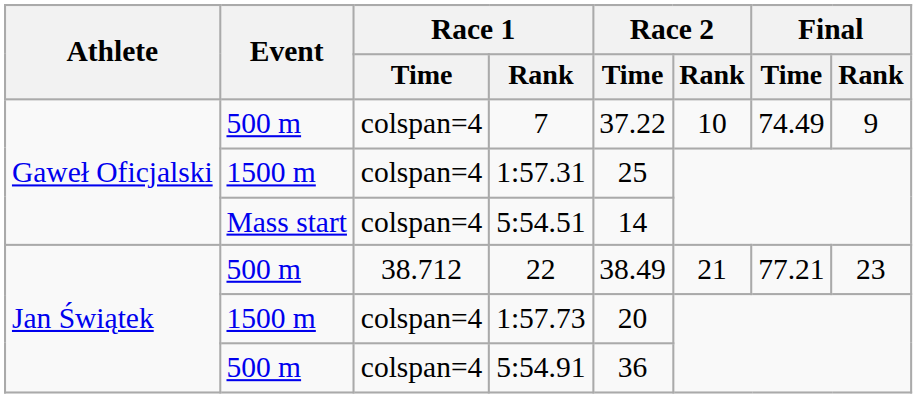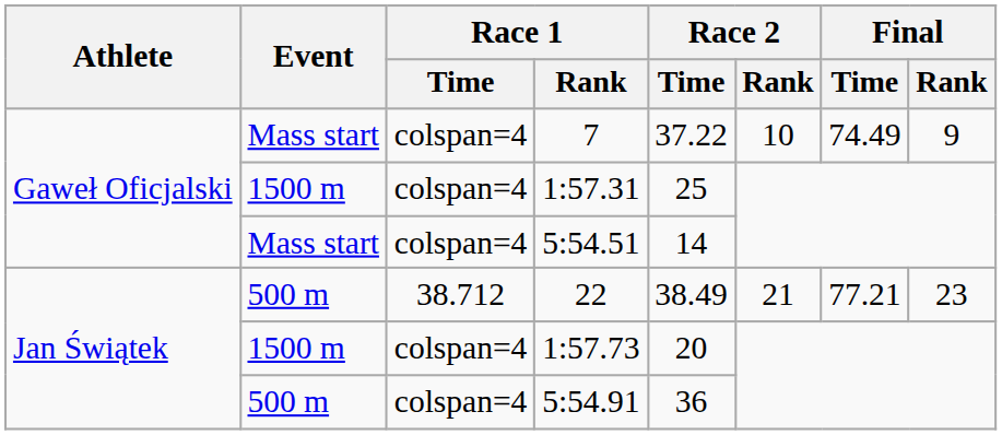 <table class="wikitable" style="font-size:90%">
 <tr>
 <th rowspan=2>Athlete</th>
 <th rowspan=2>Event</th>
 <th colspan=2>Race 1</th>
 <th colspan=2>Race 2</th>
 <th colspan=2>Final</th>
 </tr>
 <tr style="font-size:95%">
 <th>Time</th>
 <th>Rank</th>
 <th>Time</th>
 <th>Rank</th>
 <th>Time</th>
 <th>Rank</th>
 </tr>
 <tr align=center>
 <td align=left rowspan=3><a href='#'>Gaweł Oficjalski</a></td>
-<td align=left><a href='#'>500 m</a></td>
+<td align=left><a href='#'>Mass start</a></td>
 <td>colspan=4 </td>
 <td>7</td>
 <td>37.22</td>
 <td>10</td>
 <td>74.49</td>
 <td>9</td>
 </tr>
 <tr align=center>
 <td align=left><a href='#'>1500 m</a></td>
 <td>colspan=4 </td>
 <td>1:57.31</td>
 <td>25</td>
 </tr>
 <tr align=center>
 <td align=left><a href='#'>Mass start</a></td>
 <td>colspan=4 </td>
 <td>5:54.51</td>
 <td>14</td>
 </tr>
 <tr align=center>
 <td align=left rowspan=3><a href='#'>Jan Świątek</a></td>
 <td align=left><a href='#'>500 m</a></td>
 <td>38.712</td>
 <td>22</td>
 <td>38.49</td>
 <td>21</td>
 <td>77.21</td>
 <td>23</td>
 </tr>
 <tr align=center>
 <td align=left><a href='#'>1500 m</a></td>
 <td>colspan=4 </td>
 <td>1:57.73</td>
 <td>20</td>
 </tr>
 <tr align=center>
 <td align=left><a href='#'>500 m</a></td>
 <td>colspan=4 </td>
 <td>5:54.91</td>
 <td>36</td>
 </tr>
 </table>
